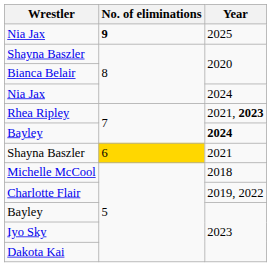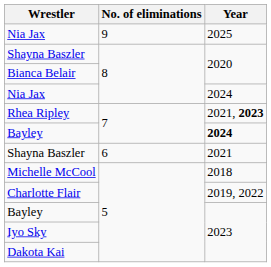 <table class="wikitable sortable">
 <tr>
 <th>Wrestler</th>
 <th>No. of eliminations</th>
 <th>Year</th>
 </tr>
 <tr>
 <td><a href='#'>Nia Jax</a></td>
-<td><strong>9</strong></td>
+<td>9</td>
 <td>2025</td>
 </tr>
 <tr>
 <td><a href='#'>Shayna Baszler</a></td>
 <td rowspan="3">8</td>
 <td rowspan="2">2020</td>
 </tr>
 <tr>
 <td><a href='#'>Bianca Belair</a></td>
 </tr>
 <tr>
 <td><a href='#'>Nia Jax</a></td>
 <td>2024</td>
 </tr>
 <tr>
 <td><a href='#'>Rhea Ripley</a></td>
 <td rowspan="2">7</td>
 <td>2021, <strong>2023</strong></td>
 </tr>
 <tr>
 <td><a href='#'>Bayley</a></td>
 <td><strong>2024</strong></td>
 </tr>
 <tr>
 <td>Shayna Baszler</td>
-<td style="background: gold;">6</td>
+<td>6</td>
 <td>2021</td>
 </tr>
 <tr>
 <td><a href='#'>Michelle McCool</a></td>
 <td rowspan="5">5</td>
 <td>2018</td>
 </tr>
 <tr>
 <td><a href='#'>Charlotte Flair</a></td>
 <td>2019, 2022</td>
 </tr>
 <tr>
 <td>Bayley</td>
 <td rowspan="3">2023</td>
 </tr>
 <tr>
 <td><a href='#'>Iyo Sky</a></td>
 </tr>
 <tr>
 <td><a href='#'>Dakota Kai</a></td>
 </tr>
 </table>
